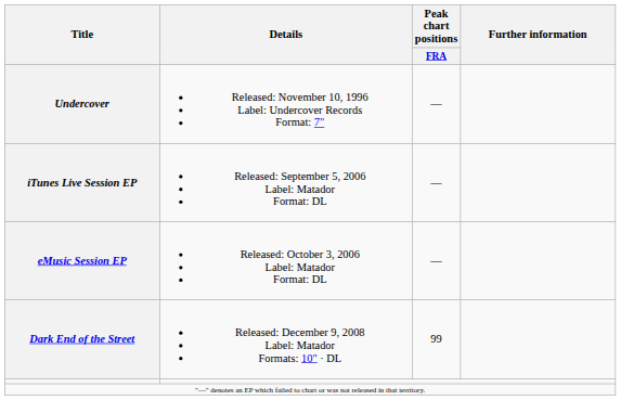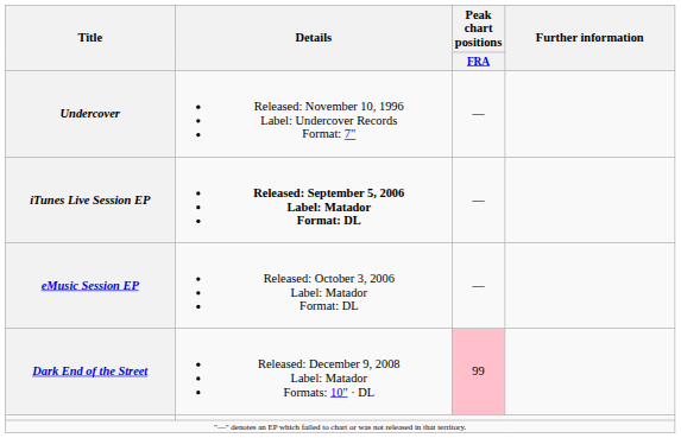 <table class="wikitable plainrowheaders" style="text-align:center;" border="1">
 <tr>
 <th scope="col" rowspan="2" style="width:15em;">Title</th>
 <th scope="col" rowspan="2" style="width:25em;">Details</th>
 <th scope="col" colspan="1">Peak chart positions</th>
 <th scope="col" rowspan="2" style="width:15em;">Further information</th>
 </tr>
 <tr>
 <th scope="col" style="width:3em;font-size:90%;"><a href='#'>FRA</a><br></th>
 </tr>
 <tr>
 <th scope="row"><em>Undercover</em></th>
 <td><br><ul><li>Released: November 10, 1996</li><li>Label: Undercover Records</li><li>Format: <a href='#'>7"</a></li></ul></td>
 <td>—</td>
 <td><br></td>
 </tr>
 <tr>
 <th scope="row"><em>iTunes Live Session EP</em></th>
-<td><br><ul><li>Released: September 5, 2006</li><li>Label: Matador</li><li>Format: DL</li></ul></td>
+<td><strong><br><ul><li>Released: September 5, 2006</li><li>Label: Matador</li><li>Format: DL</li></ul></strong></td>
 <td>—</td>
 <td><br></td>
 </tr>
 <tr>
 <th scope="row"><em><a href='#'>eMusic Session EP</a></em></th>
 <td><br><ul><li>Released: October 3, 2006</li><li>Label: Matador</li><li>Format: DL</li></ul></td>
 <td>—</td>
 <td><br></td>
 </tr>
 <tr>
 <th scope="row"><em><a href='#'>Dark End of the Street</a></em></th>
 <td><br><ul><li>Released: December 9, 2008</li><li>Label: Matador</li><li>Formats: <a href='#'>10"</a> · DL</li></ul></td>
-<td>99</td>
+<td style="background: pink;">99</td>
 <td></td>
 </tr>
 <tr>
 <td></td>
 </tr>
 <tr>
 <td colspan="14" style="font-size: 8pt">"—" denotes an EP which failed to chart or was not released in that territory.</td>
 </tr>
 </table>
